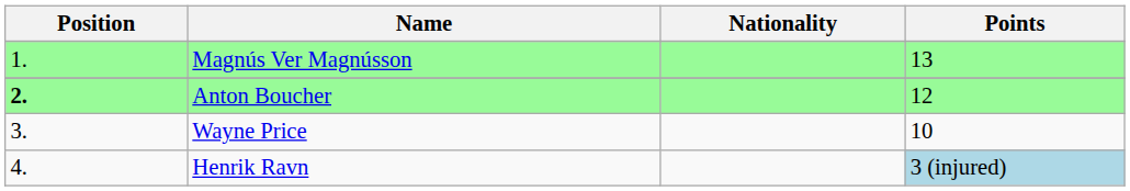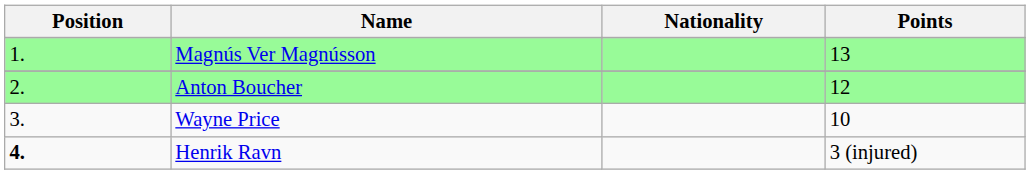 <table class="wikitable" style="display: inline-table; width: 50%;">
 <tr>
 <th>Position</th>
 <th>Name</th>
 <th>Nationality</th>
 <th>Points</th>
 </tr>
 <tr>
 </tr>
 <tr style="background:palegreen">
 <td>1.</td>
 <td><a href='#'>Magnús Ver Magnússon</a></td>
 <td></td>
 <td>13</td>
 </tr>
 <tr>
 </tr>
 <tr style="background:palegreen">
-<td><strong>2.</strong></td>
+<td>2.</td>
 <td><a href='#'>Anton Boucher</a></td>
 <td></td>
 <td>12</td>
 </tr>
 <tr>
 <td>3.</td>
 <td><a href='#'>Wayne Price</a></td>
 <td></td>
 <td>10</td>
 </tr>
 <tr>
-<td>4.</td>
+<td><strong>4.</strong></td>
 <td><a href='#'>Henrik Ravn</a></td>
 <td></td>
-<td style="background: lightblue;">3 (injured)</td>
+<td>3 (injured)</td>
 </tr>
 </table>
